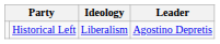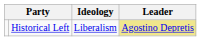 <table class=wikitable style="font-size:100%">
 <tr>
 <th colspan=2>Party</th>
 <th>Ideology</th>
 <th>Leader</th>
 </tr>
 <tr>
 <td style="color:inherit;background:"></td>
 <td><a href='#'>Historical Left</a></td>
 <td><a href='#'>Liberalism</a></td>
-<td><a href='#'>Agostino Depretis</a></td>
+<td style="background: khaki;"><a href='#'>Agostino Depretis</a></td>
 </tr>
 </table>
